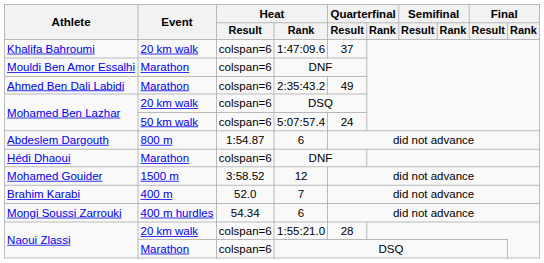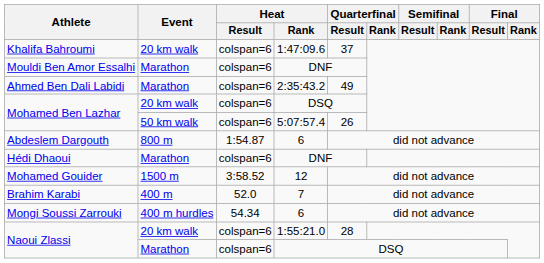 <table class="wikitable" style="font-size:90%">
 <tr>
 <th rowspan="2">Athlete</th>
 <th rowspan="2">Event</th>
 <th colspan="2">Heat</th>
 <th colspan="2">Quarterfinal</th>
 <th colspan="2">Semifinal</th>
 <th colspan="2">Final</th>
 </tr>
 <tr style="font-size:95%">
 <th>Result</th>
 <th>Rank</th>
 <th>Result</th>
 <th>Rank</th>
 <th>Result</th>
 <th>Rank</th>
 <th>Result</th>
 <th>Rank</th>
 </tr>
 <tr align=center>
 <td align=left><a href='#'>Khalifa Bahroumi</a></td>
 <td align=left><a href='#'>20 km walk</a></td>
 <td>colspan=6 </td>
 <td>1:47:09.6</td>
 <td>37</td>
 </tr>
 <tr align=center>
 <td align=left><a href='#'>Mouldi Ben Amor Essalhi</a></td>
 <td align=left><a href='#'>Marathon</a></td>
 <td>colspan=6 </td>
 <td colspan=2>DNF</td>
 </tr>
 <tr align=center>
 <td align=left><a href='#'>Ahmed Ben Dali Labidi</a></td>
 <td align=left><a href='#'>Marathon</a></td>
 <td>colspan=6 </td>
 <td>2:35:43.2</td>
 <td>49</td>
 </tr>
 <tr align=center>
 <td align=left rowspan=2><a href='#'>Mohamed Ben Lazhar</a></td>
 <td align=left><a href='#'>20 km walk</a></td>
 <td>colspan=6 </td>
 <td colspan=2>DSQ</td>
 </tr>
 <tr align=center>
 <td align=left><a href='#'>50 km walk</a></td>
 <td>colspan=6 </td>
 <td>5:07:57.4</td>
-<td>24</td>
+<td>26</td>
 </tr>
 <tr align=center>
 <td align=left><a href='#'>Abdeslem Dargouth</a></td>
 <td align=left><a href='#'>800 m</a></td>
 <td>1:54.87</td>
 <td>6</td>
 <td colspan=6>did not advance</td>
 </tr>
 <tr align=center>
 <td align=left><a href='#'>Hédi Dhaoui</a></td>
 <td align=left><a href='#'>Marathon</a></td>
 <td>colspan=6 </td>
 <td colspan=2>DNF</td>
 </tr>
 <tr align=center>
 <td align=left><a href='#'>Mohamed Gouider</a></td>
 <td align=left><a href='#'>1500 m</a></td>
 <td>3:58.52</td>
 <td>12</td>
 <td colspan=6>did not advance</td>
 </tr>
 <tr align=center>
 <td align=left><a href='#'>Brahim Karabi</a></td>
 <td align=left><a href='#'>400 m</a></td>
 <td>52.0</td>
 <td>7</td>
 <td colspan=6>did not advance</td>
 </tr>
 <tr align=center>
 <td align=left><a href='#'>Mongi Soussi Zarrouki</a></td>
 <td align=left><a href='#'>400 m hurdles</a></td>
 <td>54.34</td>
 <td>6</td>
 <td colspan=6>did not advance</td>
 </tr>
 <tr align=center>
 <td align=left rowspan=2><a href='#'>Naoui Zlassi</a></td>
 <td align=left><a href='#'>20 km walk</a></td>
 <td>colspan=6 </td>
 <td>1:55:21.0</td>
 <td>28</td>
 </tr>
 <tr align=center>
 <td align=left><a href='#'>Marathon</a></td>
 <td>colspan=6 </td>
 <td colspan=6>DSQ</td>
 </tr>
 </table>
